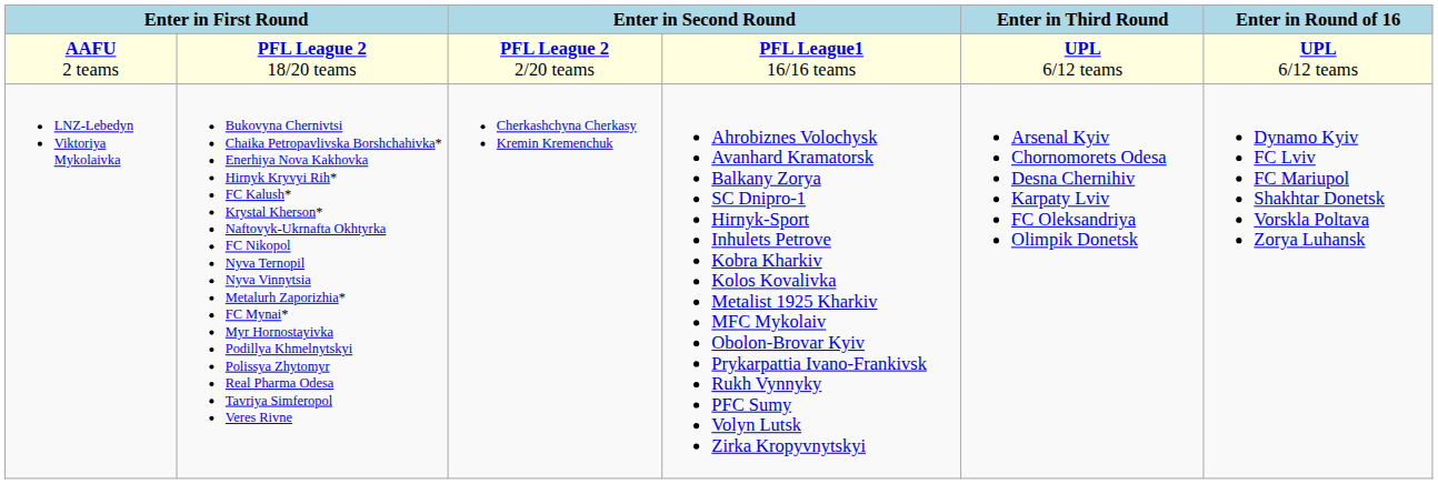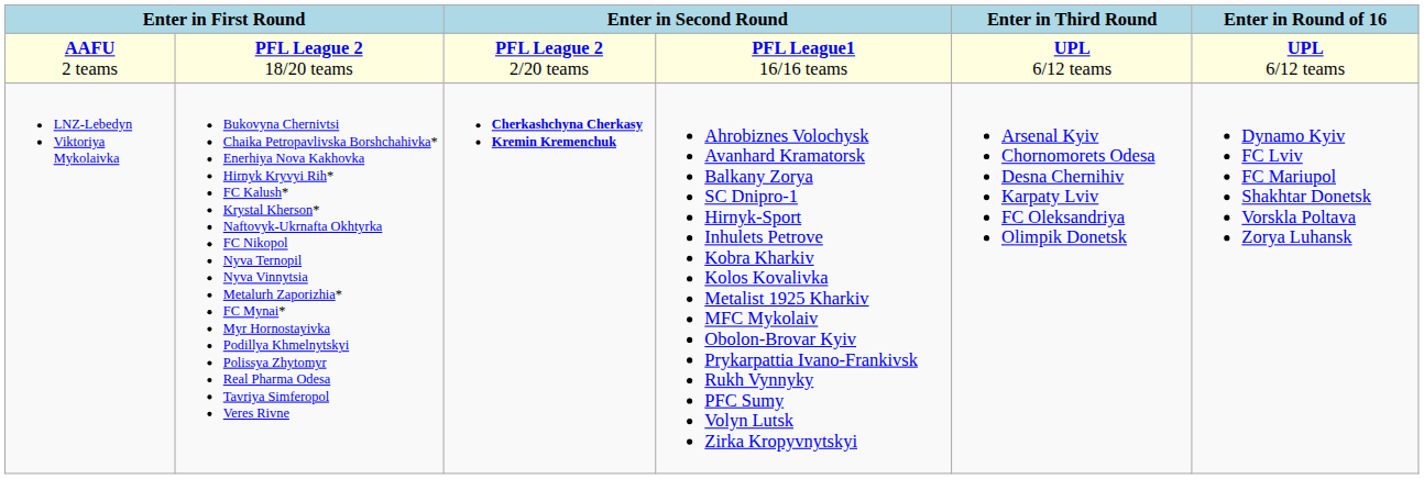 <table class="wikitable">
 <tr style="vertical-align:top; background:lightblue; text-align:center;">
 <td colspan="2" style="width:31%;"><strong>Enter in First Round</strong></td>
 <td colspan="2" style="width:36%;"><strong>Enter in Second Round</strong></td>
 <td style="width:17%;"><strong>Enter in Third Round</strong></td>
 <td style="width:17%;"><strong>Enter in Round of 16</strong></td>
 </tr>
 <tr style="vertical-align:top; background:lightyellow;">
 <td style="text-align:center; width:12%;"><strong><a href='#'>AAFU</a></strong><br>2 teams</td>
 <td style="text-align:center; width:19%;"><strong><a href='#'>PFL League 2</a></strong><br>18/20 teams</td>
 <td style="text-align:center; width:15%;"><strong><a href='#'>PFL League 2</a></strong><br>2/20 teams</td>
 <td style="text-align:center; width:21%;"><strong><a href='#'>PFL League1</a></strong><br>16/16 teams</td>
 <td style="text-align:center; width:17%;"><strong><a href='#'>UPL</a></strong><br> 6/12 teams</td>
 <td style="text-align:center; width:17%;"><strong><a href='#'>UPL</a></strong><br> 6/12 teams</td>
 </tr>
 <tr valign="top">
 <td style="font-size: 75%;"><br><ul><li><a href='#'>LNZ-Lebedyn</a></li><li><a href='#'>Viktoriya Mykolaivka</a></li></ul></td>
 <td style="font-size: 75%;"><br><ul><li><a href='#'>Bukovyna Chernivtsi</a></li><li><a href='#'>Chaika Petropavlivska Borshchahivka</a>*</li><li><a href='#'>Enerhiya Nova Kakhovka</a></li><li><a href='#'>Hirnyk Kryvyi Rih</a>*</li><li><a href='#'>FC Kalush</a>*</li><li><a href='#'>Krystal Kherson</a>*</li><li><a href='#'>Naftovyk-Ukrnafta Okhtyrka</a></li><li><a href='#'>FC Nikopol</a></li><li><a href='#'>Nyva Ternopil</a></li><li><a href='#'>Nyva Vinnytsia</a></li><li><a href='#'>Metalurh Zaporizhia</a>*</li><li><a href='#'>FC Mynai</a>*</li><li><a href='#'>Myr Hornostayivka</a></li><li><a href='#'>Podillya Khmelnytskyi</a></li><li><a href='#'>Polissya Zhytomyr</a></li><li><a href='#'>Real Pharma Odesa</a></li><li><a href='#'>Tavriya Simferopol</a></li><li><a href='#'>Veres Rivne</a></li></ul></td>
-<td style="font-size: 75%;"><br><ul><li><a href='#'>Cherkashchyna Cherkasy</a></li><li><a href='#'>Kremin Kremenchuk</a></li></ul></td>
+<td style="font-size: 75%;"><strong><br><ul><li><a href='#'>Cherkashchyna Cherkasy</a></li><li><a href='#'>Kremin Kremenchuk</a></li></ul></strong></td>
 <td><br><ul><li><a href='#'>Ahrobiznes Volochysk</a></li><li><a href='#'>Avanhard Kramatorsk</a></li><li><a href='#'>Balkany Zorya</a></li><li><a href='#'>SC Dnipro-1</a></li><li><a href='#'>Hirnyk-Sport</a></li><li><a href='#'>Inhulets Petrove</a></li><li><a href='#'>Kobra Kharkiv</a></li><li><a href='#'>Kolos Kovalivka</a></li><li><a href='#'>Metalist 1925 Kharkiv</a></li><li><a href='#'>MFC Mykolaiv</a></li><li><a href='#'>Obolon-Brovar Kyiv</a></li><li><a href='#'>Prykarpattia Ivano-Frankivsk</a></li><li><a href='#'>Rukh Vynnyky</a></li><li><a href='#'>PFC Sumy</a></li><li><a href='#'>Volyn Lutsk</a></li><li><a href='#'>Zirka Kropyvnytskyi</a></li></ul></td>
 <td><br><ul><li><a href='#'>Arsenal Kyiv</a></li><li><a href='#'>Chornomorets Odesa</a></li><li><a href='#'>Desna Chernihiv</a></li><li><a href='#'>Karpaty Lviv</a></li><li><a href='#'>FC Oleksandriya</a></li><li><a href='#'>Olimpik Donetsk</a></li></ul></td>
 <td><br><ul><li><a href='#'>Dynamo Kyiv</a></li><li><a href='#'>FC Lviv</a></li><li><a href='#'>FC Mariupol</a></li><li><a href='#'>Shakhtar Donetsk</a></li><li><a href='#'>Vorskla Poltava</a></li><li><a href='#'>Zorya Luhansk</a></li></ul></td>
 </tr>
 </table>
